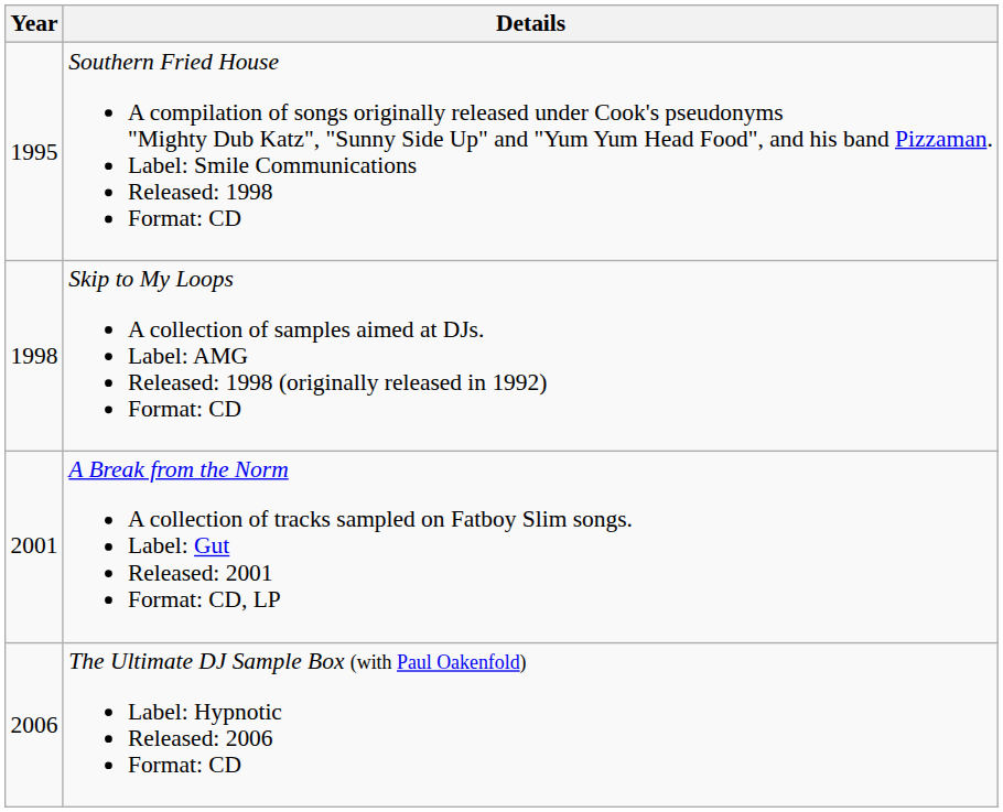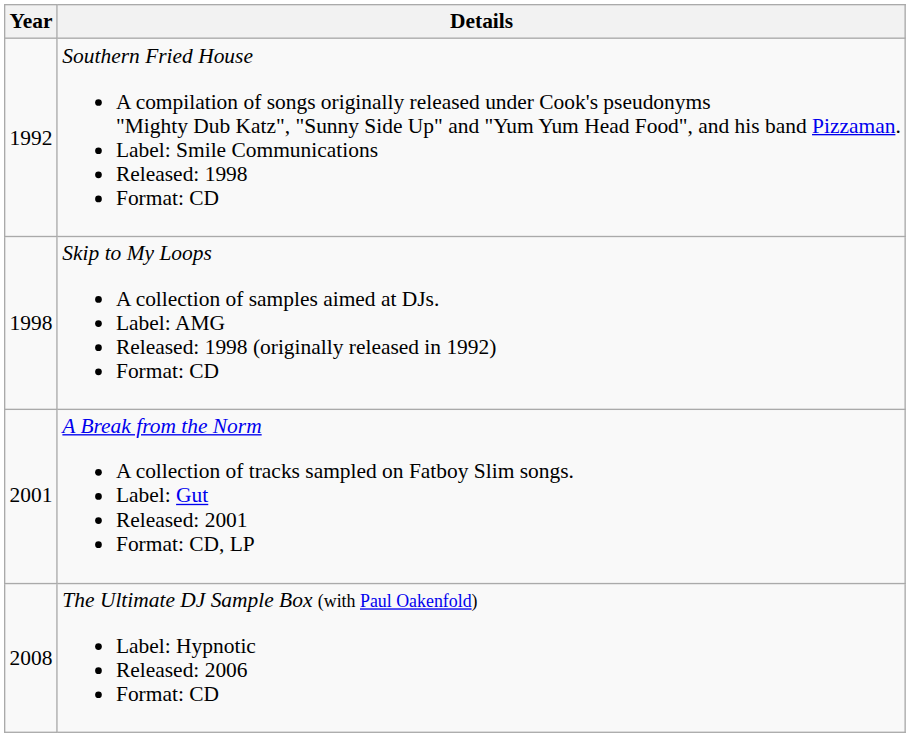 <table class="wikitable">
 <tr>
 <th>Year</th>
 <th>Details</th>
 </tr>
 <tr>
-<td>1995</td>
+<td>1992</td>
 <td><em>Southern Fried House</em><br><ul><li>A compilation of songs originally released under Cook's pseudonyms <br>"Mighty Dub Katz", "Sunny Side Up" and "Yum Yum Head Food", and his band <a href='#'>Pizzaman</a>.</li><li>Label: Smile Communications</li><li>Released: 1998</li><li>Format: CD</li></ul></td>
 </tr>
 <tr>
 <td>1998</td>
 <td><em>Skip to My Loops</em><br><ul><li>A collection of samples aimed at DJs.</li><li>Label: AMG</li><li>Released: 1998 (originally released in 1992)</li><li>Format: CD</li></ul></td>
 </tr>
 <tr>
 <td>2001</td>
 <td><em><a href='#'>A Break from the Norm</a></em><br><ul><li>A collection of tracks sampled on Fatboy Slim songs.</li><li>Label: <a href='#'>Gut</a></li><li>Released: 2001</li><li>Format: CD, LP</li></ul></td>
 </tr>
 <tr>
-<td>2006</td>
+<td>2008</td>
 <td><em>The Ultimate DJ Sample Box</em> <small>(with <a href='#'>Paul Oakenfold</a>)</small><br><ul><li>Label: Hypnotic</li><li>Released: 2006</li><li>Format: CD</li></ul></td>
 </tr>
 </table>
